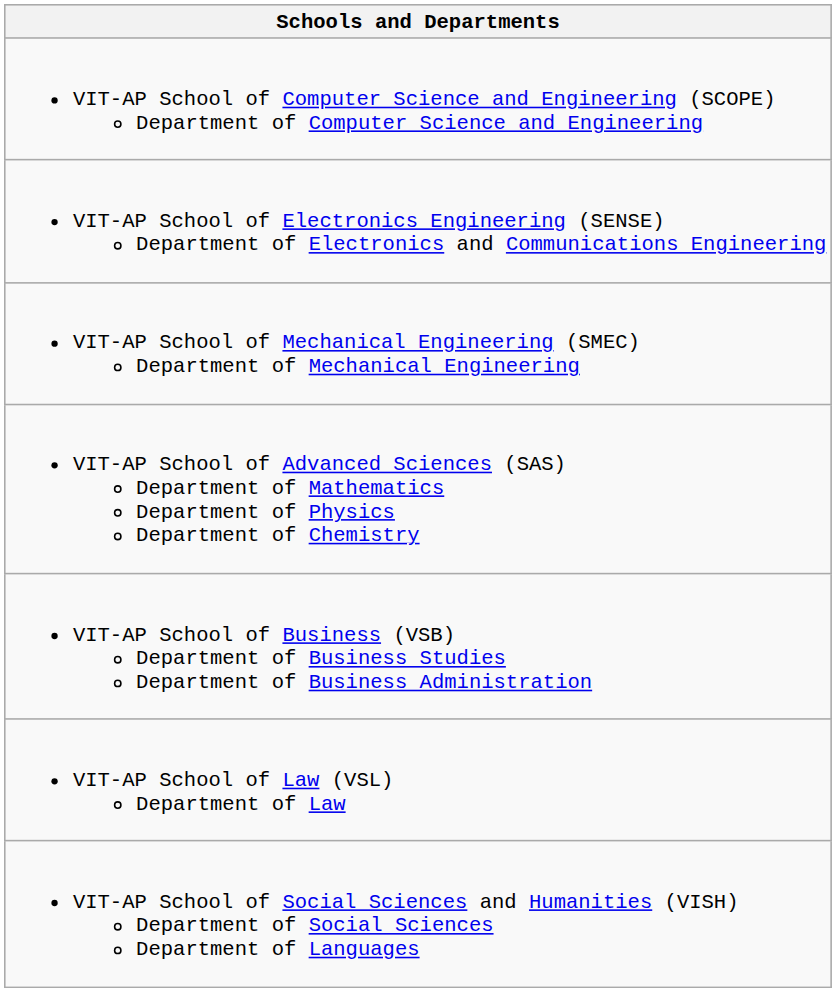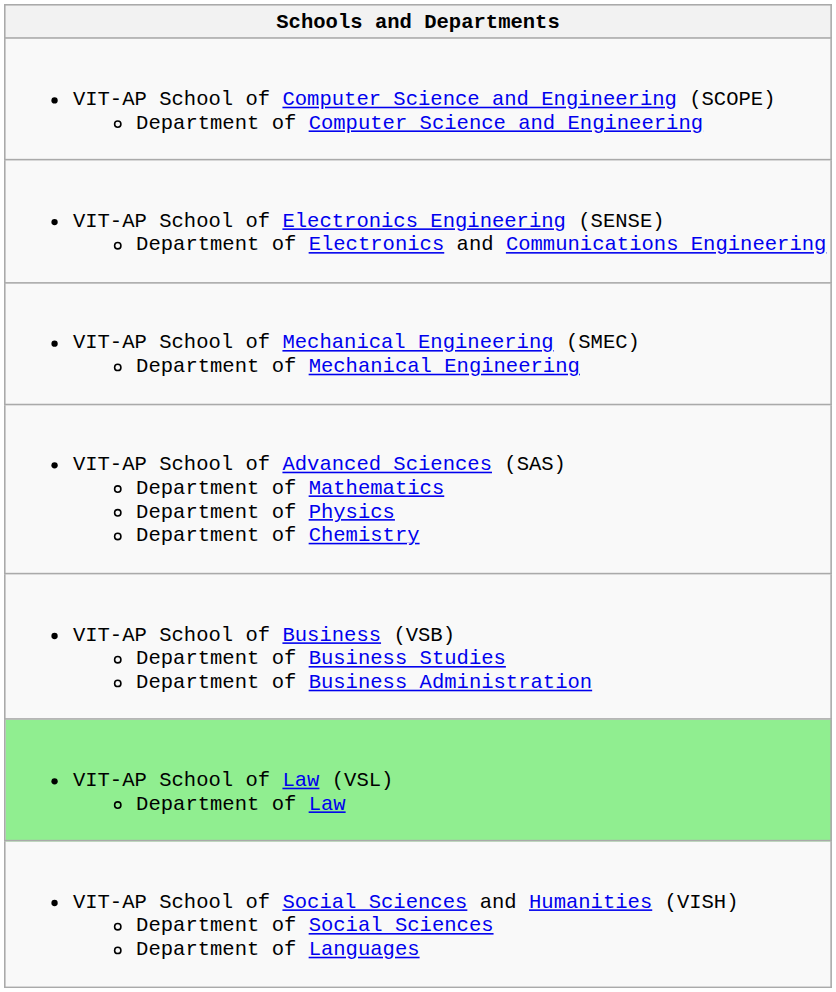 <table class="wikitable sortable">
 <tr>
 <th>Schools and Departments</th>
 </tr>
 <tr>
 <td><br><ul><li>VIT-AP School of <a href='#'>Computer Science and Engineering</a> (SCOPE)<ul><li>Department of <a href='#'>Computer Science and Engineering</a></li></ul></li></ul></td>
 </tr>
 <tr>
 <td><br><ul><li>VIT-AP School of <a href='#'>Electronics Engineering</a> (SENSE)<ul><li>Department of <a href='#'>Electronics</a> and <a href='#'>Communications Engineering</a></li></ul></li></ul></td>
 </tr>
 <tr>
 <td><br><ul><li>VIT-AP School of <a href='#'>Mechanical Engineering</a> (SMEC)<ul><li>Department of <a href='#'>Mechanical Engineering</a></li></ul></li></ul></td>
 </tr>
 <tr>
 <td><br><ul><li>VIT-AP School of <a href='#'>Advanced Sciences</a> (SAS)<ul><li>Department of <a href='#'>Mathematics</a></li><li>Department of <a href='#'>Physics</a></li><li>Department of <a href='#'>Chemistry</a></li></ul></li></ul></td>
 </tr>
 <tr>
 <td><br><ul><li>VIT-AP School of <a href='#'>Business</a> (VSB)<ul><li>Department of <a href='#'>Business Studies</a></li><li>Department of <a href='#'>Business Administration</a></li></ul></li></ul></td>
 </tr>
 <tr>
-<td><br><ul><li>VIT-AP School of <a href='#'>Law</a> (VSL)<ul><li>Department of <a href='#'>Law</a></li></ul></li></ul></td>
+<td style="background: lightgreen;"><br><ul><li>VIT-AP School of <a href='#'>Law</a> (VSL)<ul><li>Department of <a href='#'>Law</a></li></ul></li></ul></td>
 </tr>
 <tr>
 <td><br><ul><li>VIT-AP School of <a href='#'>Social Sciences</a> and <a href='#'>Humanities</a> (VISH)<ul><li>Department of <a href='#'>Social Sciences</a></li><li>Department of <a href='#'>Languages</a></li></ul></li></ul></td>
 </tr>
 <tr>
 </tr>
 </table>
